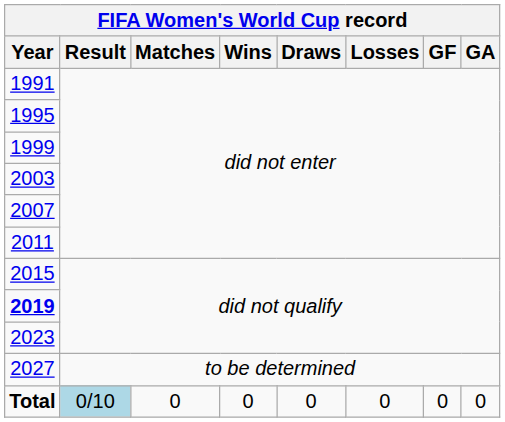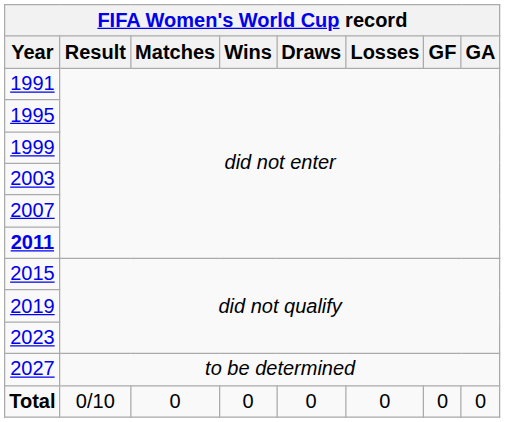 <table class="wikitable" style="text-align: center;">
 <tr>
 <th colspan=8><a href='#'>FIFA Women's World Cup</a> record</th>
 </tr>
 <tr>
 <th>Year</th>
 <th>Result</th>
 <th>Matches</th>
 <th>Wins</th>
 <th>Draws</th>
 <th>Losses</th>
 <th>GF</th>
 <th>GA</th>
 </tr>
 <tr>
 <td> <a href='#'>1991</a></td>
 <td rowspan=6 colspan=7><em>did not enter</em></td>
 </tr>
 <tr>
 <td> <a href='#'>1995</a></td>
 </tr>
 <tr>
 <td> <a href='#'>1999</a></td>
 </tr>
 <tr>
 <td> <a href='#'>2003</a></td>
 </tr>
 <tr>
 <td> <a href='#'>2007</a></td>
 </tr>
 <tr>
-<td> <a href='#'>2011</a></td>
+<td><strong> <a href='#'>2011</a></strong></td>
 </tr>
 <tr>
 <td> <a href='#'>2015</a></td>
 <td rowspan=3 colspan=7><em>did not qualify</em></td>
 </tr>
 <tr>
-<td><strong> <a href='#'>2019</a></strong></td>
+<td> <a href='#'>2019</a></td>
 </tr>
 <tr>
 <td> <a href='#'>2023</a></td>
 </tr>
 <tr>
 <td> <a href='#'>2027</a></td>
 <td colspan=7><em>to be determined</em></td>
 </tr>
 <tr>
 <td><strong>Total</strong></td>
-<td style="background: lightblue;">0/10</td>
+<td>0/10</td>
 <td>0</td>
 <td>0</td>
 <td>0</td>
 <td>0</td>
 <td>0</td>
 <td>0</td>
 </tr>
 </table>
